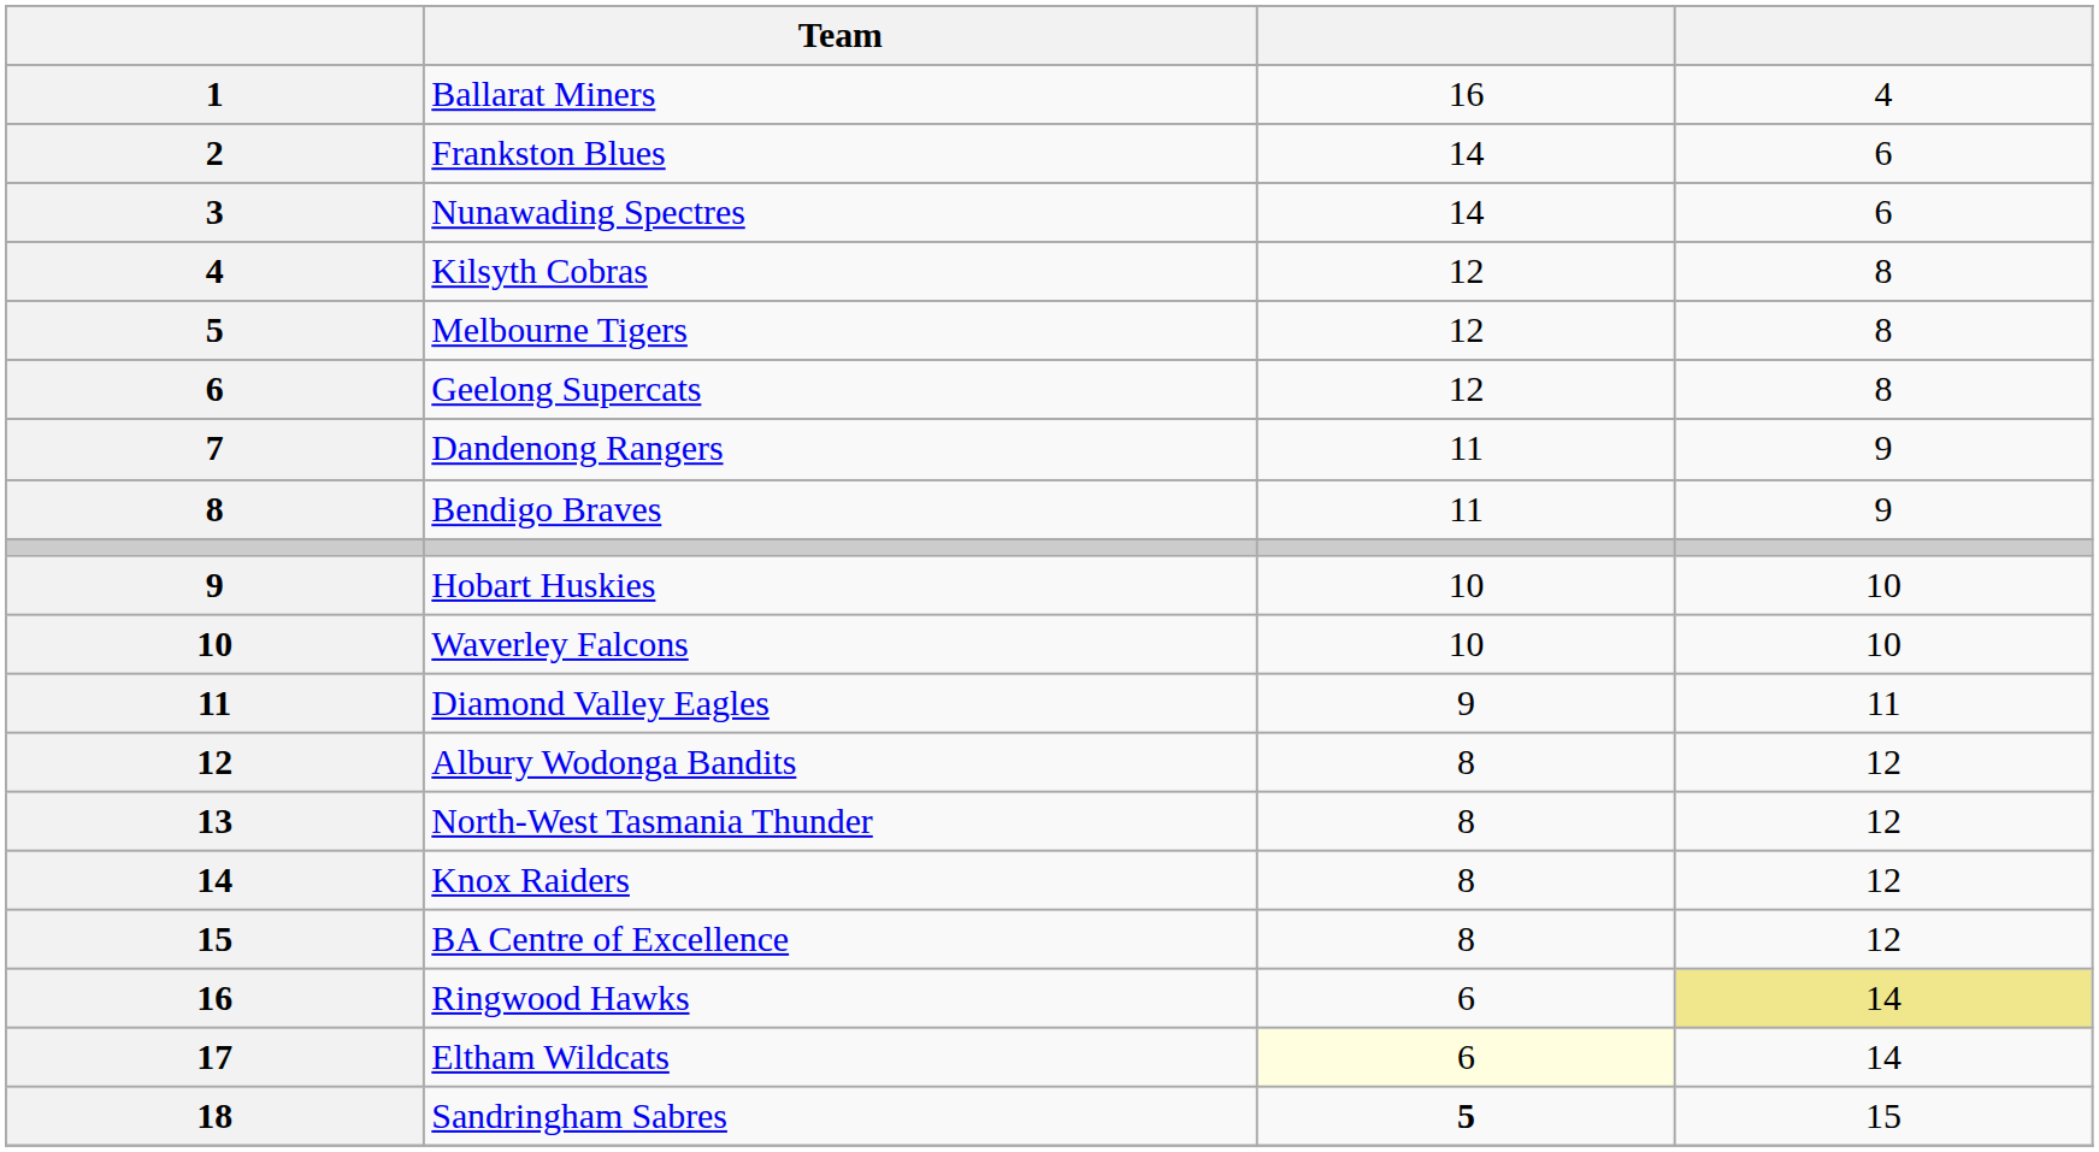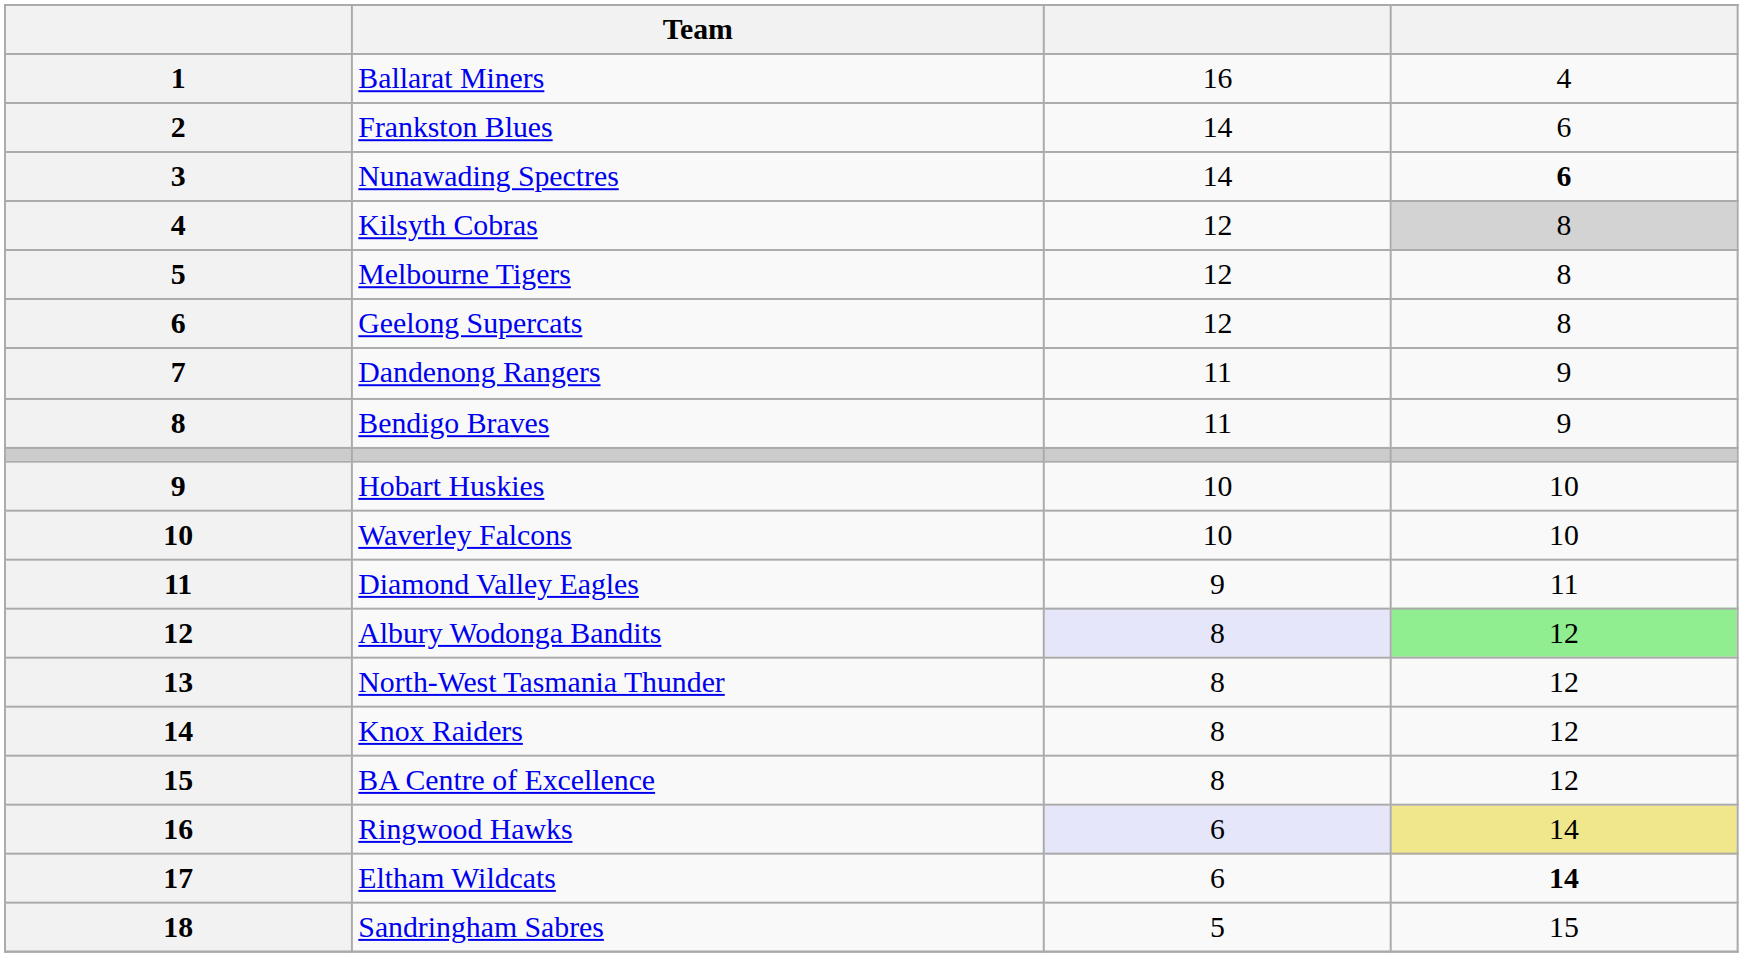 <table class="wikitable" width="70%" style="font-size:95%; text-align:center">
 <tr>
 <th width="5%" rowspan=2></th>
 </tr>
 <tr>
 <th width="10%">Team</th>
 <th width="5%"></th>
 <th width="5%"></th>
 </tr>
 <tr>
 <th>1</th>
 <td align=left><a href='#'>Ballarat Miners</a></td>
 <td>16</td>
 <td>4</td>
 </tr>
 <tr>
 <th>2</th>
 <td align=left><a href='#'>Frankston Blues</a></td>
 <td>14</td>
 <td>6</td>
 </tr>
 <tr>
 <th>3</th>
 <td align=left><a href='#'>Nunawading Spectres</a></td>
 <td>14</td>
-<td>6</td>
+<td><strong>6</strong></td>
 </tr>
 <tr>
 <th>4</th>
 <td align=left><a href='#'>Kilsyth Cobras</a></td>
 <td>12</td>
-<td>8</td>
+<td style="background: lightgrey;">8</td>
 </tr>
 <tr>
 <th>5</th>
 <td align=left><a href='#'>Melbourne Tigers</a></td>
 <td>12</td>
 <td>8</td>
 </tr>
 <tr>
 <th>6</th>
 <td align=left><a href='#'>Geelong Supercats</a></td>
 <td>12</td>
 <td>8</td>
 </tr>
 <tr>
 <th>7</th>
 <td align=left><a href='#'>Dandenong Rangers</a></td>
 <td>11</td>
 <td>9</td>
 </tr>
 <tr>
 <th>8</th>
 <td align=left><a href='#'>Bendigo Braves</a></td>
 <td>11</td>
 <td>9</td>
 </tr>
 <tr bgcolor="#cccccc">
 <td></td>
 <td></td>
 <td></td>
 <td></td>
 </tr>
 <tr>
 <th>9</th>
 <td align=left><a href='#'>Hobart Huskies</a></td>
 <td>10</td>
 <td>10</td>
 </tr>
 <tr>
 <th>10</th>
 <td align=left><a href='#'>Waverley Falcons</a></td>
 <td>10</td>
 <td>10</td>
 </tr>
 <tr>
 <th>11</th>
 <td align=left><a href='#'>Diamond Valley Eagles</a></td>
 <td>9</td>
 <td>11</td>
 </tr>
 <tr>
 <th>12</th>
 <td align=left><a href='#'>Albury Wodonga Bandits</a></td>
-<td>8</td>
-<td>12</td>
+<td style="background: lavender;">8</td>
+<td style="background: lightgreen;">12</td>
 </tr>
 <tr>
 <th>13</th>
 <td align=left><a href='#'>North-West Tasmania Thunder</a></td>
 <td>8</td>
 <td>12</td>
 </tr>
 <tr>
 <th>14</th>
 <td align=left><a href='#'>Knox Raiders</a></td>
 <td>8</td>
 <td>12</td>
 </tr>
 <tr>
 <th>15</th>
 <td align=left><a href='#'>BA Centre of Excellence</a></td>
 <td>8</td>
 <td>12</td>
 </tr>
 <tr>
 <th>16</th>
 <td align=left><a href='#'>Ringwood Hawks</a></td>
-<td>6</td>
+<td style="background: lavender;">6</td>
 <td style="background: khaki;">14</td>
 </tr>
 <tr>
 <th>17</th>
 <td align=left><a href='#'>Eltham Wildcats</a></td>
-<td style="background: lightyellow;">6</td>
-<td>14</td>
+<td>6</td>
+<td><strong>14</strong></td>
 </tr>
 <tr>
 <th>18</th>
 <td align=left><a href='#'>Sandringham Sabres</a></td>
-<td><strong>5</strong></td>
+<td>5</td>
 <td>15</td>
 </tr>
 <tr>
 </tr>
 </table>
